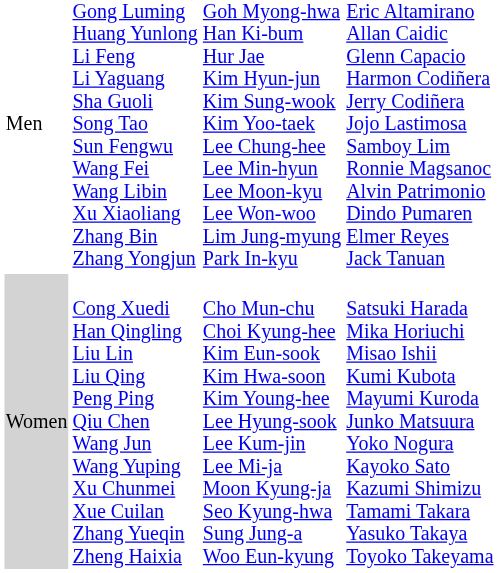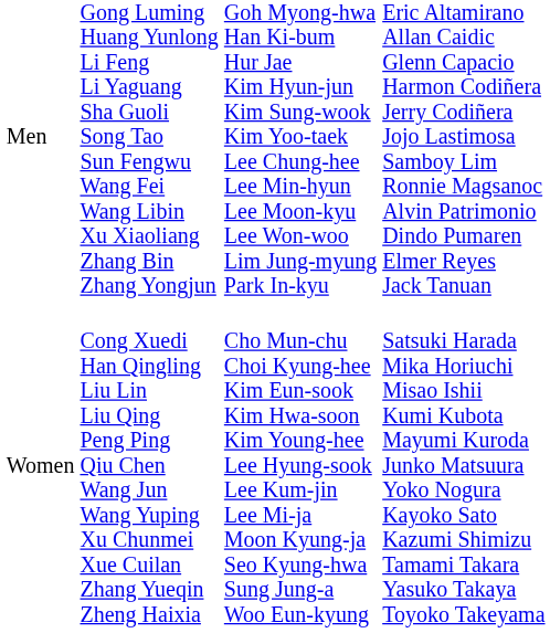 <table>
 <tr>
 <td>Men<br></td>
 <td><br><a href='#'>Gong Luming</a><br><a href='#'>Huang Yunlong</a><br><a href='#'>Li Feng</a><br><a href='#'>Li Yaguang</a><br><a href='#'>Sha Guoli</a><br><a href='#'>Song Tao</a><br><a href='#'>Sun Fengwu</a><br><a href='#'>Wang Fei</a><br><a href='#'>Wang Libin</a><br><a href='#'>Xu Xiaoliang</a><br><a href='#'>Zhang Bin</a><br><a href='#'>Zhang Yongjun</a></td>
 <td><br><a href='#'>Goh Myong-hwa</a><br><a href='#'>Han Ki-bum</a><br><a href='#'>Hur Jae</a><br><a href='#'>Kim Hyun-jun</a><br><a href='#'>Kim Sung-wook</a><br><a href='#'>Kim Yoo-taek</a><br><a href='#'>Lee Chung-hee</a><br><a href='#'>Lee Min-hyun</a><br><a href='#'>Lee Moon-kyu</a><br><a href='#'>Lee Won-woo</a><br><a href='#'>Lim Jung-myung</a><br><a href='#'>Park In-kyu</a></td>
 <td><br><a href='#'>Eric Altamirano</a><br><a href='#'>Allan Caidic</a><br><a href='#'>Glenn Capacio</a><br><a href='#'>Harmon Codiñera</a><br><a href='#'>Jerry Codiñera</a><br><a href='#'>Jojo Lastimosa</a><br><a href='#'>Samboy Lim</a><br><a href='#'>Ronnie Magsanoc</a><br><a href='#'>Alvin Patrimonio</a><br><a href='#'>Dindo Pumaren</a><br><a href='#'>Elmer Reyes</a><br><a href='#'>Jack Tanuan</a></td>
 </tr>
 <tr>
-<td style="background: lightgrey;">Women<br></td>
+<td>Women<br></td>
 <td><br><a href='#'>Cong Xuedi</a><br><a href='#'>Han Qingling</a><br><a href='#'>Liu Lin</a><br><a href='#'>Liu Qing</a><br><a href='#'>Peng Ping</a><br><a href='#'>Qiu Chen</a><br><a href='#'>Wang Jun</a><br><a href='#'>Wang Yuping</a><br><a href='#'>Xu Chunmei</a><br><a href='#'>Xue Cuilan</a><br><a href='#'>Zhang Yueqin</a><br><a href='#'>Zheng Haixia</a></td>
 <td><br><a href='#'>Cho Mun-chu</a><br><a href='#'>Choi Kyung-hee</a><br><a href='#'>Kim Eun-sook</a><br><a href='#'>Kim Hwa-soon</a><br><a href='#'>Kim Young-hee</a><br><a href='#'>Lee Hyung-sook</a><br><a href='#'>Lee Kum-jin</a><br><a href='#'>Lee Mi-ja</a><br><a href='#'>Moon Kyung-ja</a><br><a href='#'>Seo Kyung-hwa</a><br><a href='#'>Sung Jung-a</a><br><a href='#'>Woo Eun-kyung</a></td>
 <td><br><a href='#'>Satsuki Harada</a><br><a href='#'>Mika Horiuchi</a><br><a href='#'>Misao Ishii</a><br><a href='#'>Kumi Kubota</a><br><a href='#'>Mayumi Kuroda</a><br><a href='#'>Junko Matsuura</a><br><a href='#'>Yoko Nogura</a><br><a href='#'>Kayoko Sato</a><br><a href='#'>Kazumi Shimizu</a><br><a href='#'>Tamami Takara</a><br><a href='#'>Yasuko Takaya</a><br><a href='#'>Toyoko Takeyama</a></td>
 </tr>
 </table>
